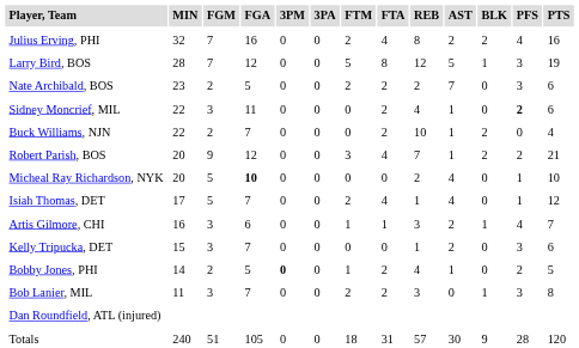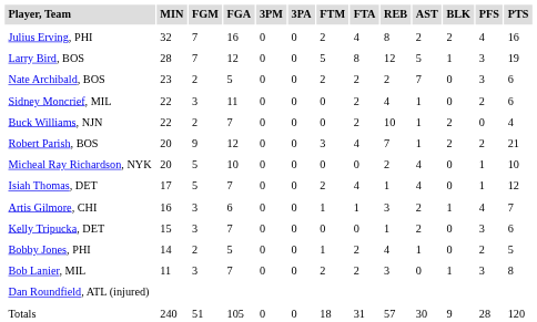 <table cellpadding=5>
 <tr bgcolor="#dddddd">
 <td><strong>Player, Team</strong></td>
 <td><strong>MIN</strong></td>
 <td><strong>FGM</strong></td>
 <td><strong>FGA</strong></td>
 <td><strong>3PM</strong></td>
 <td><strong>3PA</strong></td>
 <td><strong>FTM</strong></td>
 <td><strong>FTA</strong></td>
 <td><strong>REB</strong></td>
 <td><strong>AST</strong></td>
 <td><strong>BLK</strong></td>
 <td><strong>PFS</strong></td>
 <td><strong>PTS</strong></td>
 </tr>
 <tr bgcolor="#eeeeee">
 </tr>
 <tr>
 <td><a href='#'>Julius Erving</a>, PHI</td>
 <td>32</td>
 <td>7</td>
 <td>16</td>
 <td>0</td>
 <td>0</td>
 <td>2</td>
 <td>4</td>
 <td>8</td>
 <td>2</td>
 <td>2</td>
 <td>4</td>
 <td>16</td>
 </tr>
 <tr>
 <td><a href='#'>Larry Bird</a>, BOS</td>
 <td>28</td>
 <td>7</td>
 <td>12</td>
 <td>0</td>
 <td>0</td>
 <td>5</td>
 <td>8</td>
 <td>12</td>
 <td>5</td>
 <td>1</td>
 <td>3</td>
 <td>19</td>
 </tr>
 <tr>
 <td><a href='#'>Nate Archibald</a>, BOS</td>
 <td>23</td>
 <td>2</td>
 <td>5</td>
 <td>0</td>
 <td>0</td>
 <td>2</td>
 <td>2</td>
 <td>2</td>
 <td>7</td>
 <td>0</td>
 <td>3</td>
 <td>6</td>
 </tr>
 <tr>
 <td><a href='#'>Sidney Moncrief</a>, MIL</td>
 <td>22</td>
 <td>3</td>
 <td>11</td>
 <td>0</td>
 <td>0</td>
 <td>0</td>
 <td>2</td>
 <td>4</td>
 <td>1</td>
 <td>0</td>
-<td><strong>2</strong></td>
+<td>2</td>
 <td>6</td>
 </tr>
 <tr>
 <td><a href='#'>Buck Williams</a>, NJN</td>
 <td>22</td>
 <td>2</td>
 <td>7</td>
 <td>0</td>
 <td>0</td>
 <td>0</td>
 <td>2</td>
 <td>10</td>
 <td>1</td>
 <td>2</td>
 <td>0</td>
 <td>4</td>
 </tr>
 <tr>
 <td><a href='#'>Robert Parish</a>, BOS</td>
 <td>20</td>
 <td>9</td>
 <td>12</td>
 <td>0</td>
 <td>0</td>
 <td>3</td>
 <td>4</td>
 <td>7</td>
 <td>1</td>
 <td>2</td>
 <td>2</td>
 <td>21</td>
 </tr>
 <tr>
 <td><a href='#'>Micheal Ray Richardson</a>, NYK</td>
 <td>20</td>
 <td>5</td>
-<td><strong>10</strong></td>
+<td>10</td>
 <td>0</td>
 <td>0</td>
 <td>0</td>
 <td>0</td>
 <td>2</td>
 <td>4</td>
 <td>0</td>
 <td>1</td>
 <td>10</td>
 </tr>
 <tr>
 <td><a href='#'>Isiah Thomas</a>, DET</td>
 <td>17</td>
 <td>5</td>
 <td>7</td>
 <td>0</td>
 <td>0</td>
 <td>2</td>
 <td>4</td>
 <td>1</td>
 <td>4</td>
 <td>0</td>
 <td>1</td>
 <td>12</td>
 </tr>
 <tr>
 <td><a href='#'>Artis Gilmore</a>, CHI</td>
 <td>16</td>
 <td>3</td>
 <td>6</td>
 <td>0</td>
 <td>0</td>
 <td>1</td>
 <td>1</td>
 <td>3</td>
 <td>2</td>
 <td>1</td>
 <td>4</td>
 <td>7</td>
 </tr>
 <tr>
 <td><a href='#'>Kelly Tripucka</a>, DET</td>
 <td>15</td>
 <td>3</td>
 <td>7</td>
 <td>0</td>
 <td>0</td>
 <td>0</td>
 <td>0</td>
 <td>1</td>
 <td>2</td>
 <td>0</td>
 <td>3</td>
 <td>6</td>
 </tr>
 <tr>
 <td><a href='#'>Bobby Jones</a>, PHI</td>
 <td>14</td>
 <td>2</td>
 <td>5</td>
-<td><strong>0</strong></td>
+<td>0</td>
 <td>0</td>
 <td>1</td>
 <td>2</td>
 <td>4</td>
 <td>1</td>
 <td>0</td>
 <td>2</td>
 <td>5</td>
 </tr>
 <tr>
 <td><a href='#'>Bob Lanier</a>, MIL</td>
 <td>11</td>
 <td>3</td>
 <td>7</td>
 <td>0</td>
 <td>0</td>
 <td>2</td>
 <td>2</td>
 <td>3</td>
 <td>0</td>
 <td>1</td>
 <td>3</td>
 <td>8</td>
 </tr>
 <tr>
 <td><a href='#'>Dan Roundfield</a>, ATL (injured)</td>
 </tr>
 <tr>
 <td>Totals</td>
 <td>240</td>
 <td>51</td>
 <td>105</td>
 <td>0</td>
 <td>0</td>
 <td>18</td>
 <td>31</td>
 <td>57</td>
 <td>30</td>
 <td>9</td>
 <td>28</td>
 <td>120</td>
 </tr>
 <tr>
 </tr>
 </table>
